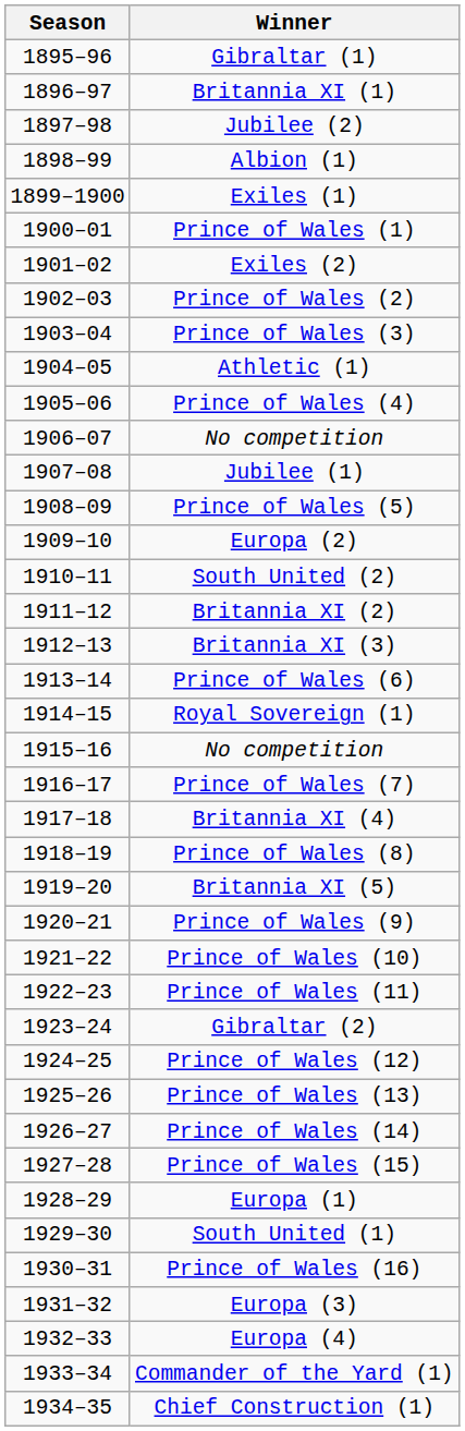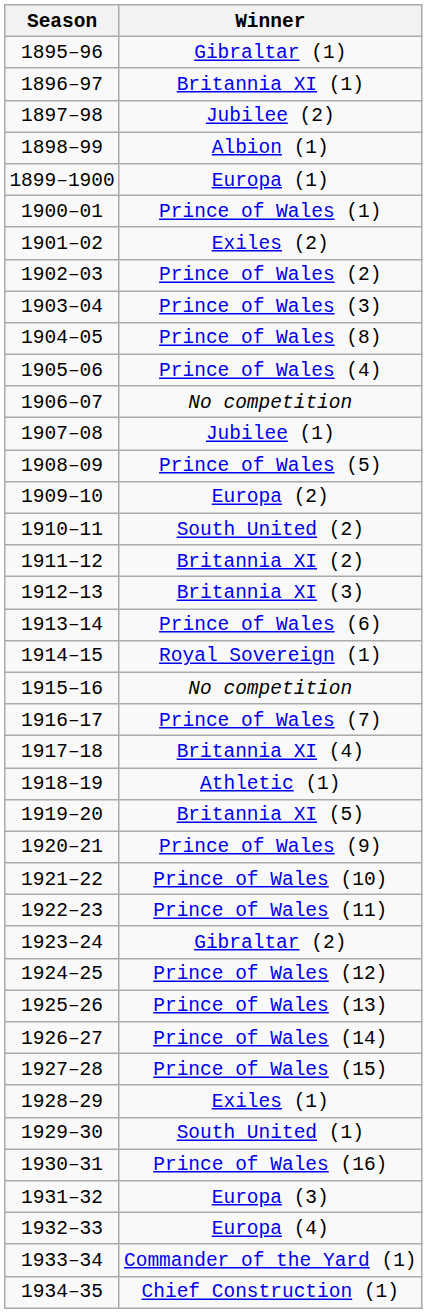 <table class="wikitable sortable" style="text-align:center;">
 <tr>
 <th>Season</th>
 <th>Winner</th>
 </tr>
 <tr>
 <td>1895–96</td>
 <td><a href='#'>Gibraltar</a> (1)</td>
 </tr>
 <tr>
 <td>1896–97</td>
 <td><a href='#'>Britannia XI</a> (1)</td>
 </tr>
 <tr>
 <td>1897–98</td>
 <td><a href='#'>Jubilee</a> (2)</td>
 </tr>
 <tr>
 <td>1898–99</td>
 <td><a href='#'>Albion</a> (1)</td>
 </tr>
 <tr>
 <td>1899–1900</td>
-<td><a href='#'>Exiles</a> (1)</td>
+<td><a href='#'>Europa</a> (1)</td>
 </tr>
 <tr>
 <td>1900–01</td>
 <td><a href='#'>Prince of Wales</a> (1)</td>
 </tr>
 <tr>
 <td>1901–02</td>
 <td><a href='#'>Exiles</a> (2)</td>
 </tr>
 <tr>
 <td>1902–03</td>
 <td><a href='#'>Prince of Wales</a> (2)</td>
 </tr>
 <tr>
 <td>1903–04</td>
 <td><a href='#'>Prince of Wales</a> (3)</td>
 </tr>
 <tr>
 <td>1904–05</td>
-<td><a href='#'>Athletic</a> (1)</td>
+<td><a href='#'>Prince of Wales</a> (8)</td>
 </tr>
 <tr>
 <td>1905–06</td>
 <td><a href='#'>Prince of Wales</a> (4)</td>
 </tr>
 <tr>
 <td>1906–07</td>
 <td><em>No competition</em></td>
 </tr>
 <tr>
 <td>1907–08</td>
 <td><a href='#'>Jubilee</a> (1)</td>
 </tr>
 <tr>
 <td>1908–09</td>
 <td><a href='#'>Prince of Wales</a> (5)</td>
 </tr>
 <tr>
 <td>1909–10</td>
 <td><a href='#'>Europa</a> (2)</td>
 </tr>
 <tr>
 <td>1910–11</td>
 <td><a href='#'>South United</a> (2)</td>
 </tr>
 <tr>
 <td>1911–12</td>
 <td><a href='#'>Britannia XI</a> (2)</td>
 </tr>
 <tr>
 <td>1912–13</td>
 <td><a href='#'>Britannia XI</a> (3)</td>
 </tr>
 <tr>
 <td>1913–14</td>
 <td><a href='#'>Prince of Wales</a> (6)</td>
 </tr>
 <tr>
 <td>1914–15</td>
 <td><a href='#'>Royal Sovereign</a> (1)</td>
 </tr>
 <tr>
 <td>1915–16</td>
 <td><em>No competition</em></td>
 </tr>
 <tr>
 <td>1916–17</td>
 <td><a href='#'>Prince of Wales</a> (7)</td>
 </tr>
 <tr>
 <td>1917–18</td>
 <td><a href='#'>Britannia XI</a> (4)</td>
 </tr>
 <tr>
 <td>1918–19</td>
-<td><a href='#'>Prince of Wales</a> (8)</td>
+<td><a href='#'>Athletic</a> (1)</td>
 </tr>
 <tr>
 <td>1919–20</td>
 <td><a href='#'>Britannia XI</a> (5)</td>
 </tr>
 <tr>
 <td>1920–21</td>
 <td><a href='#'>Prince of Wales</a> (9)</td>
 </tr>
 <tr>
 <td>1921–22</td>
 <td><a href='#'>Prince of Wales</a> (10)</td>
 </tr>
 <tr>
 <td>1922–23</td>
 <td><a href='#'>Prince of Wales</a> (11)</td>
 </tr>
 <tr>
 <td>1923–24</td>
 <td><a href='#'>Gibraltar</a> (2)</td>
 </tr>
 <tr>
 <td>1924–25</td>
 <td><a href='#'>Prince of Wales</a> (12)</td>
 </tr>
 <tr>
 <td>1925–26</td>
 <td><a href='#'>Prince of Wales</a> (13)</td>
 </tr>
 <tr>
 <td>1926–27</td>
 <td><a href='#'>Prince of Wales</a> (14)</td>
 </tr>
 <tr>
 <td>1927–28</td>
 <td><a href='#'>Prince of Wales</a> (15)</td>
 </tr>
 <tr>
 <td>1928–29</td>
-<td><a href='#'>Europa</a> (1)</td>
+<td><a href='#'>Exiles</a> (1)</td>
 </tr>
 <tr>
 <td>1929–30</td>
 <td><a href='#'>South United</a> (1)</td>
 </tr>
 <tr>
 <td>1930–31</td>
 <td><a href='#'>Prince of Wales</a> (16)</td>
 </tr>
 <tr>
 <td>1931–32</td>
 <td><a href='#'>Europa</a> (3)</td>
 </tr>
 <tr>
 <td>1932–33</td>
 <td><a href='#'>Europa</a> (4)</td>
 </tr>
 <tr>
 <td>1933–34</td>
 <td><a href='#'>Commander of the Yard</a> (1)</td>
 </tr>
 <tr>
 <td>1934–35</td>
 <td><a href='#'>Chief Construction</a> (1)</td>
 </tr>
 </table>
